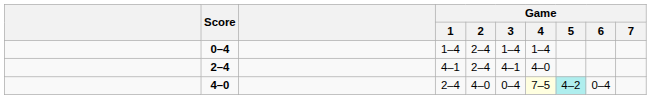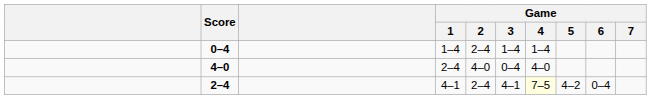 <table class="wikitable" style="text-align: center;">
 <tr>
 <th rowspan=2 align="right" width="270"></th>
 <th rowspan=2 width="45">Score</th>
 <th rowspan=2 align="left" width="270"></th>
 <th colspan=7>Game</th>
 </tr>
 <tr>
 <th width="35">1</th>
 <th width="35">2</th>
 <th width="35">3</th>
 <th width="35">4</th>
 <th width="35">5</th>
 <th width="35">6</th>
 <th width="35">7</th>
 </tr>
 <tr>
 <td align=left></td>
 <td align=center><strong>0–4</strong></td>
 <td align=left><strong></strong></td>
 <td>1–4</td>
 <td>2–4</td>
 <td>1–4</td>
 <td>1–4</td>
 <td></td>
 <td></td>
 <td></td>
 </tr>
 <tr>
 <td align=left><strong></strong></td>
-<td align=center><strong>2–4</strong></td>
+<td align=center><strong>4–0</strong></td>
 <td align=left></td>
-<td>4–1</td>
 <td>2–4</td>
-<td>4–1</td>
+<td>4–0</td>
+<td>0–4</td>
 <td>4–0</td>
 <td></td>
 <td></td>
 <td></td>
 </tr>
 <tr>
 <td align=left></td>
-<td align=center><strong>4–0</strong></td>
+<td align=center><strong>2–4</strong></td>
 <td align=left><strong></strong></td>
+<td>4–1</td>
 <td>2–4</td>
-<td>4–0</td>
-<td>0–4</td>
+<td>4–1</td>
 <td style="background: lightyellow;">7–5</td>
-<td style="background: paleturquoise;">4–2</td>
+<td>4–2</td>
 <td>0–4</td>
 <td></td>
 </tr>
 </table>
